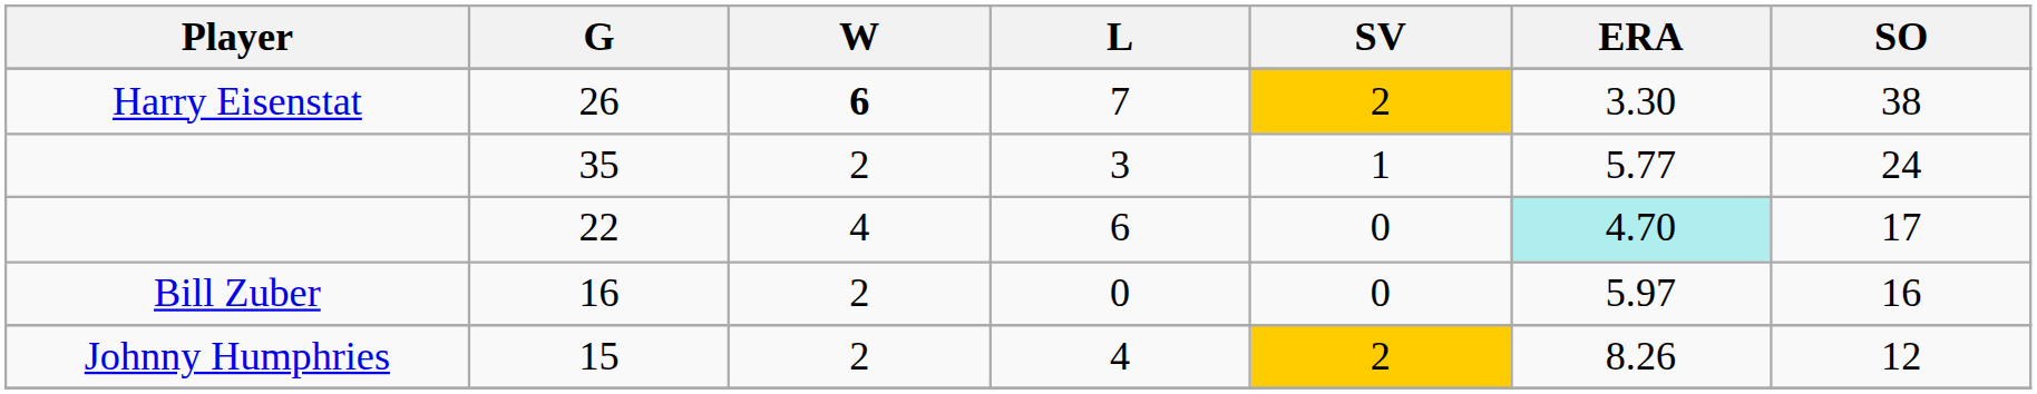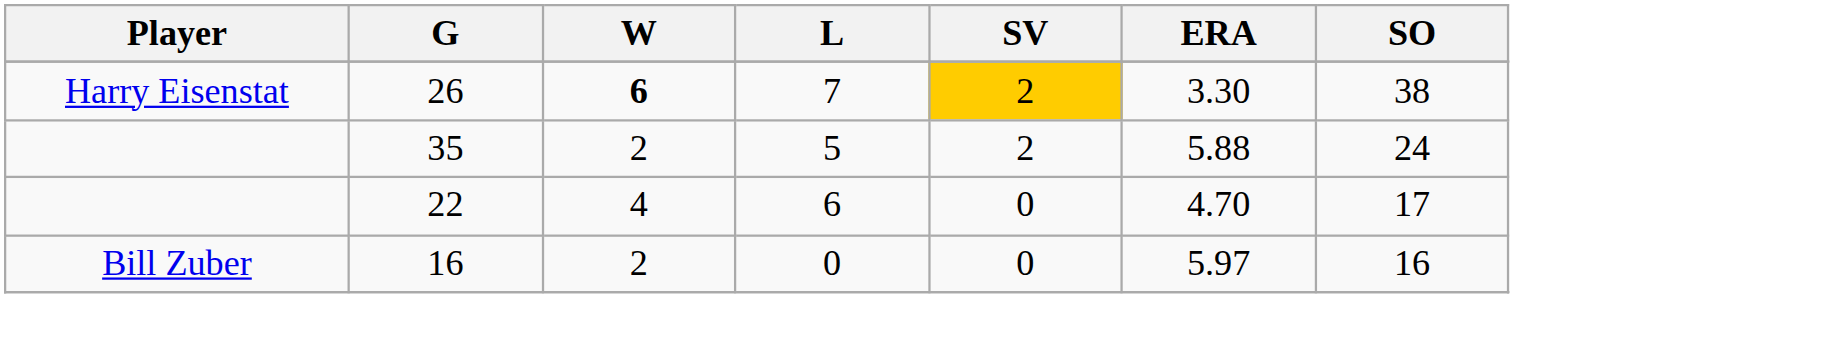 <table class="wikitable sortable">
 <tr>
 <th bgcolor="#DDDDFF" width="16%">Player</th>
 <th bgcolor="#DDDDFF" width="9%">G</th>
 <th bgcolor="#DDDDFF" width="9%">W</th>
 <th bgcolor="#DDDDFF" width="9%">L</th>
 <th bgcolor="#DDDDFF" width="9%">SV</th>
 <th bgcolor="#DDDDFF" width="9%">ERA</th>
 <th bgcolor="#DDDDFF" width="9%">SO</th>
 </tr>
 <tr>
 </tr>
 <tr align="center">
 <td><a href='#'>Harry Eisenstat</a></td>
 <td>26</td>
 <td><strong>6</strong></td>
 <td>7</td>
 <td style="background:#fc0;">2</td>
 <td>3.30</td>
 <td>38</td>
 </tr>
 <tr align="center">
 <td></td>
 <td>35</td>
 <td>2</td>
-<td>3</td>
-<td>1</td>
-<td>5.77</td>
+<td>5</td>
+<td>2</td>
+<td>5.88</td>
 <td>24</td>
 </tr>
 <tr align="center">
 <td></td>
 <td>22</td>
 <td>4</td>
 <td>6</td>
 <td>0</td>
-<td style="background: paleturquoise;">4.70</td>
+<td>4.70</td>
 <td>17</td>
 </tr>
 <tr align="center">
 <td><a href='#'>Bill Zuber</a></td>
 <td>16</td>
 <td>2</td>
 <td>0</td>
 <td>0</td>
 <td>5.97</td>
 <td>16</td>
 </tr>
 <tr>
 </tr>
 <tr align="center">
-<td><a href='#'>Johnny Humphries</a></td>
-<td>15</td>
-<td>2</td>
-<td>4</td>
-<td style="background:#fc0;">2</td>
-<td>8.26</td>
-<td>12</td>
-</tr>
-<tr align="center">
 </tr>
 </table>
